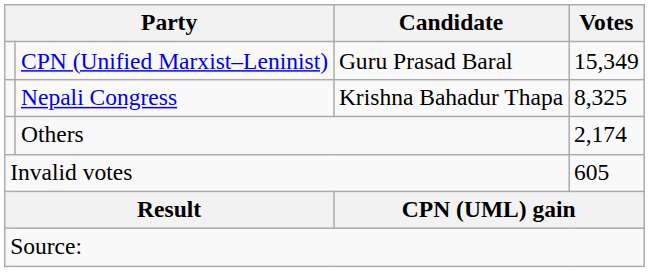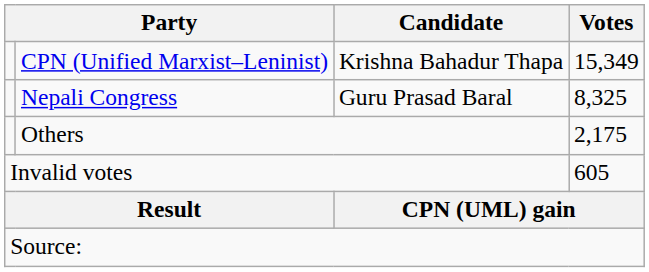 <table class="wikitable">
 <tr>
 <th colspan="2">Party</th>
 <th>Candidate</th>
 <th>Votes</th>
 </tr>
 <tr>
 <td style="background-color:"></td>
 <td><a href='#'>CPN (Unified Marxist–Leninist)</a></td>
-<td>Guru Prasad Baral</td>
+<td>Krishna Bahadur Thapa</td>
 <td>15,349</td>
 </tr>
 <tr>
 <td style="background-color:"></td>
 <td><a href='#'>Nepali Congress</a></td>
-<td>Krishna Bahadur Thapa</td>
+<td>Guru Prasad Baral</td>
 <td>8,325</td>
 </tr>
 <tr>
 <td></td>
 <td colspan="2">Others</td>
-<td>2,174</td>
+<td>2,175</td>
 </tr>
 <tr>
 <td colspan="3">Invalid votes</td>
 <td>605</td>
 </tr>
 <tr>
 <th colspan="2">Result</th>
 <th colspan="2">CPN (UML) gain</th>
 </tr>
 <tr>
 <td colspan="4">Source: </td>
 </tr>
 </table>
